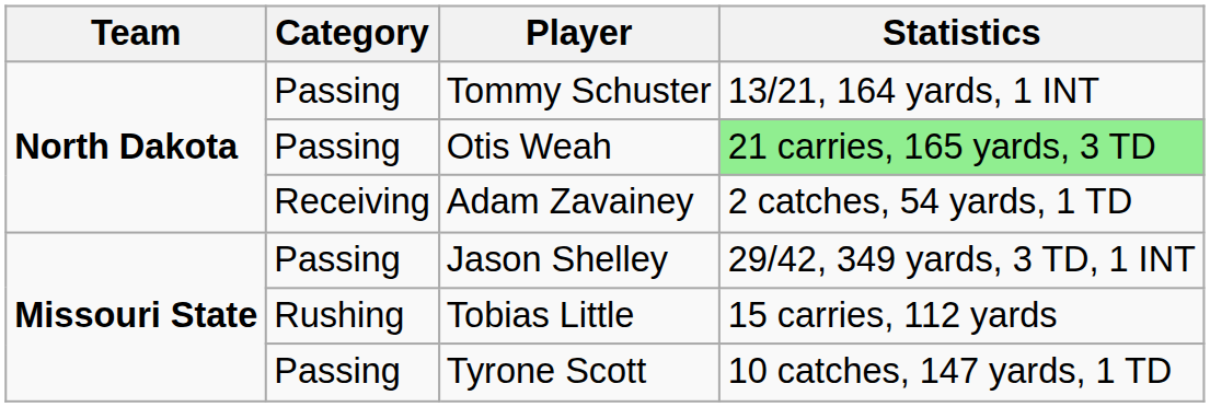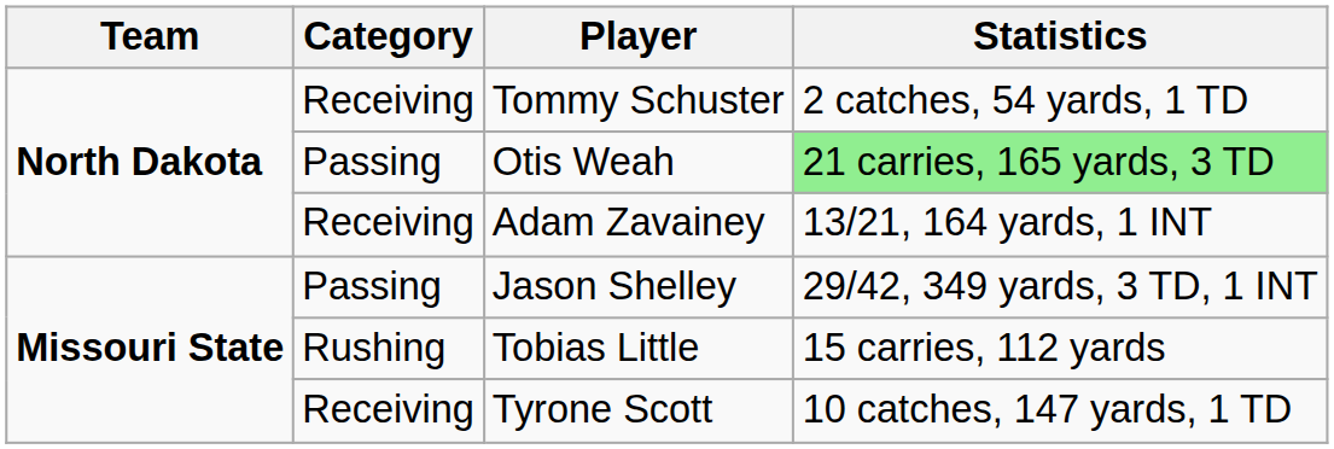 <table class="wikitable" style="float: right;">
 <tr>
 <th>Team</th>
 <th>Category</th>
 <th>Player</th>
 <th>Statistics</th>
 </tr>
 <tr>
 <td rowspan=3><strong>North Dakota</strong></td>
-<td>Passing</td>
+<td>Receiving</td>
 <td>Tommy Schuster</td>
-<td>13/21, 164 yards, 1 INT</td>
+<td>2 catches, 54 yards, 1 TD</td>
 </tr>
 <tr>
 <td>Passing</td>
 <td>Otis Weah</td>
 <td style="background: lightgreen;">21 carries, 165 yards, 3 TD</td>
 </tr>
 <tr>
 <td>Receiving</td>
 <td>Adam Zavainey</td>
-<td>2 catches, 54 yards, 1 TD</td>
+<td>13/21, 164 yards, 1 INT</td>
 </tr>
 <tr>
 <td rowspan=3><strong>Missouri State</strong></td>
 <td>Passing</td>
 <td>Jason Shelley</td>
 <td>29/42, 349 yards, 3 TD, 1 INT</td>
 </tr>
 <tr>
 <td>Rushing</td>
 <td>Tobias Little</td>
 <td>15 carries, 112 yards</td>
 </tr>
 <tr>
-<td>Passing</td>
+<td>Receiving</td>
 <td>Tyrone Scott</td>
 <td>10 catches, 147 yards, 1 TD</td>
 </tr>
 </table>
